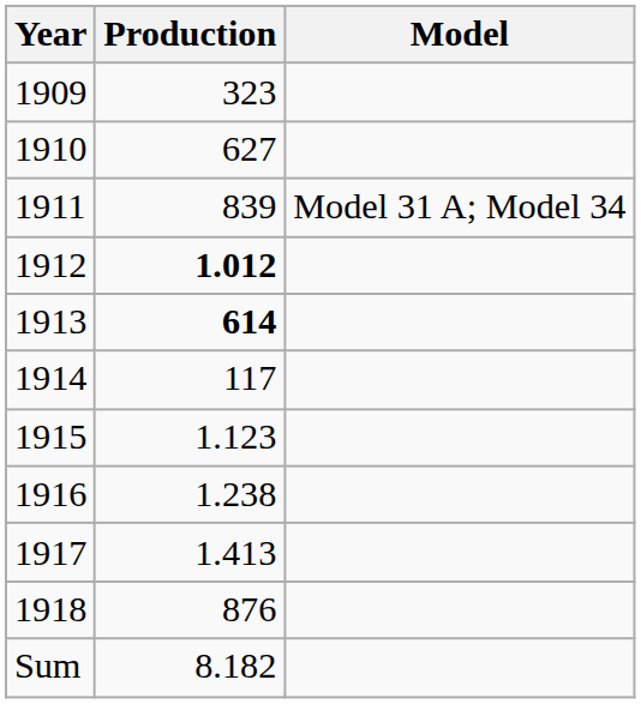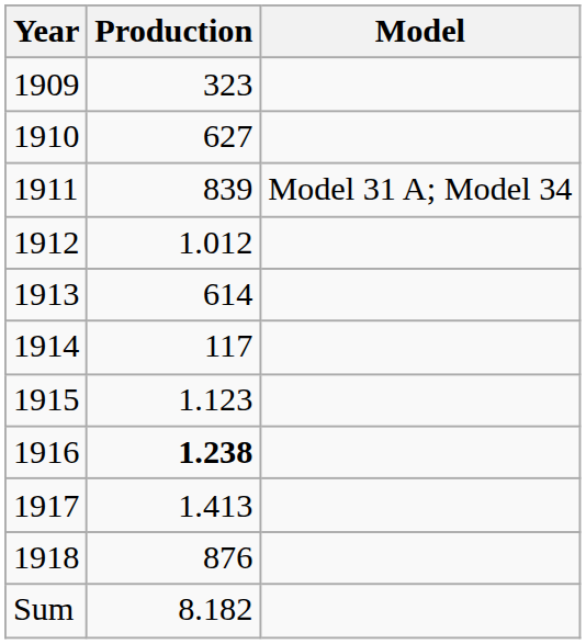 <table class="wikitable sortable">
 <tr>
 <th>Year</th>
 <th>Production</th>
 <th>Model</th>
 </tr>
 <tr>
 <td>1909</td>
 <td align="right">323</td>
 <td></td>
 </tr>
 <tr>
 <td>1910</td>
 <td align="right">627</td>
 <td></td>
 </tr>
 <tr>
 <td>1911</td>
 <td align="right">839</td>
 <td>Model 31 A; Model 34 </td>
 </tr>
 <tr>
 <td>1912</td>
-<td align="right"><strong>1.012</strong></td>
+<td align="right">1.012</td>
 <td></td>
 </tr>
 <tr>
 <td>1913</td>
-<td align="right"><strong>614</strong></td>
+<td align="right">614</td>
 <td></td>
 </tr>
 <tr>
 <td>1914</td>
 <td align="right">117</td>
 <td></td>
 </tr>
 <tr>
 <td>1915</td>
 <td align="right">1.123</td>
 <td></td>
 </tr>
 <tr>
 <td>1916</td>
-<td align="right">1.238</td>
+<td align="right"><strong>1.238</strong></td>
 <td></td>
 </tr>
 <tr>
 <td>1917</td>
 <td align="right">1.413</td>
 <td></td>
 </tr>
 <tr>
 <td>1918</td>
 <td align="right">876</td>
 <td></td>
 </tr>
 <tr>
 <td>Sum</td>
 <td align="right">8.182</td>
 </tr>
 </table>
